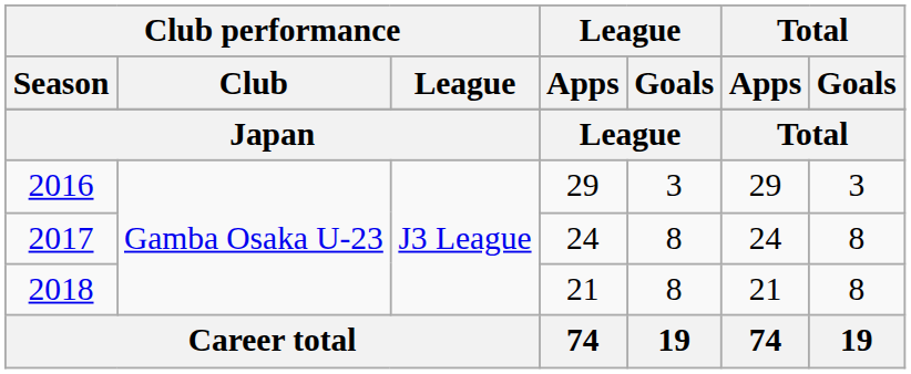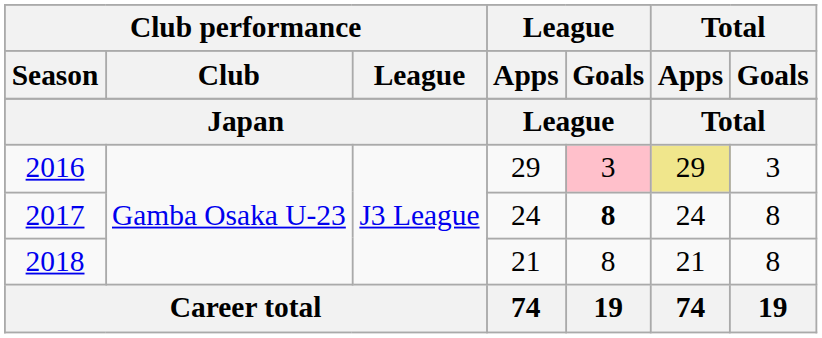 <table class="wikitable" style="text-align:center">
 <tr>
 <th colspan=3>Club performance</th>
 <th colspan=2>League</th>
 <th colspan=2>Total</th>
 </tr>
 <tr>
 <th>Season</th>
 <th>Club</th>
 <th>League</th>
 <th>Apps</th>
 <th>Goals</th>
 <th>Apps</th>
 <th>Goals</th>
 </tr>
 <tr>
 </tr>
 <tr>
 <th colspan=3>Japan</th>
 <th colspan=2>League</th>
 <th colspan=2>Total</th>
 </tr>
 <tr>
 <td><a href='#'>2016</a></td>
 <td rowspan="3"><a href='#'>Gamba Osaka U-23</a></td>
 <td rowspan="3"><a href='#'>J3 League</a></td>
 <td>29</td>
-<td>3</td>
-<td>29</td>
+<td style="background: pink;">3</td>
+<td style="background: khaki;">29</td>
 <td>3</td>
 </tr>
 <tr>
 <td><a href='#'>2017</a></td>
 <td>24</td>
-<td>8</td>
+<td><strong>8</strong></td>
 <td>24</td>
 <td>8</td>
 </tr>
 <tr>
 <td><a href='#'>2018</a></td>
 <td>21</td>
 <td>8</td>
 <td>21</td>
 <td>8</td>
 </tr>
 <tr>
 <th colspan=3>Career total</th>
 <th>74</th>
 <th>19</th>
 <th>74</th>
 <th>19</th>
 </tr>
 </table>
